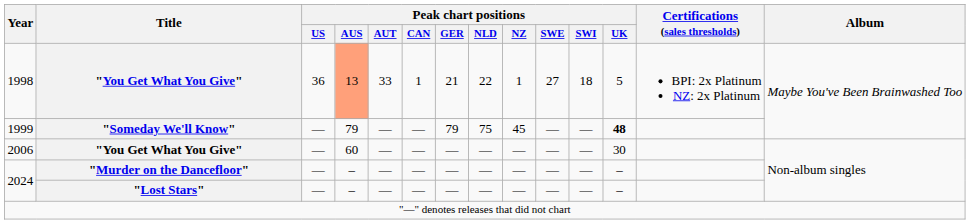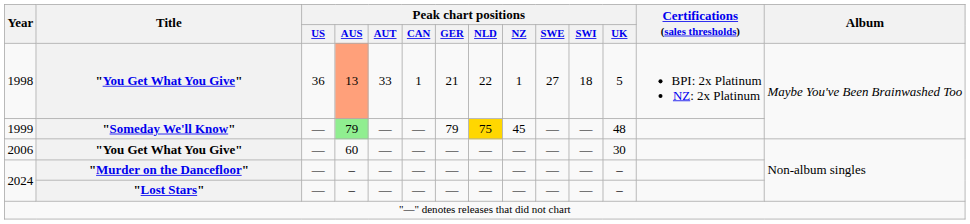 <table class="wikitable plainrowheaders" style="text-align:center;">
 <tr>
 <th rowspan="2">Year</th>
 <th rowspan="2" style="width:20em;">Title</th>
 <th colspan="10">Peak chart positions</th>
 <th rowspan="2"><a href='#'>Certifications</a><br><small>(<a href='#'>sales thresholds</a>)</small></th>
 <th rowspan="2">Album</th>
 </tr>
 <tr style="font-size:smaller;">
 <th style="width:35px;"><a href='#'>US</a><br></th>
 <th style="width:35px;"><a href='#'>AUS</a><br></th>
 <th style="width:35px;"><a href='#'>AUT</a><br></th>
 <th style="width:35px;"><a href='#'>CAN</a><br></th>
 <th style="width:35px;"><a href='#'>GER</a><br></th>
 <th style="width:35px;"><a href='#'>NLD</a><br></th>
 <th style="width:35px;"><a href='#'>NZ</a><br></th>
 <th style="width:35px;"><a href='#'>SWE</a><br></th>
 <th style="width:35px;"><a href='#'>SWI</a><br></th>
 <th style="width:35px;"><a href='#'>UK</a><br></th>
 </tr>
 <tr>
 <td>1998</td>
 <th scope="row">"<a href='#'>You Get What You Give</a>"</th>
 <td>36</td>
 <td style="background: lightsalmon;">13</td>
 <td>33</td>
 <td>1</td>
 <td>21</td>
 <td>22</td>
 <td>1</td>
 <td>27</td>
 <td>18</td>
 <td>5</td>
 <td><br><ul><li>BPI: 2x Platinum</li><li><a href='#'>NZ</a>: 2x Platinum</li></ul></td>
 <td style="text-align:left;" rowspan="2"><em>Maybe You've Been Brainwashed Too</em></td>
 </tr>
 <tr>
 <td>1999</td>
 <th scope="row">"<a href='#'>Someday We'll Know</a>"</th>
 <td>—</td>
-<td>79</td>
+<td style="background: lightgreen;">79</td>
 <td>—</td>
 <td>—</td>
 <td>79</td>
-<td>75</td>
+<td style="background: gold;">75</td>
 <td>45</td>
 <td>—</td>
 <td>—</td>
-<td><strong>48</strong></td>
+<td>48</td>
 <td></td>
 </tr>
 <tr>
 <td>2006</td>
 <th scope="row">"You Get What You Give"<br></th>
 <td>—</td>
 <td>60</td>
 <td>—</td>
 <td>—</td>
 <td>—</td>
 <td>—</td>
 <td>—</td>
 <td>—</td>
 <td>—</td>
 <td>30</td>
 <td></td>
 <td style="text-align:left;" rowspan="3">Non-album singles</td>
 </tr>
 <tr>
 <td rowspan="2">2024</td>
 <th scope="row">"<a href='#'>Murder on the Dancefloor</a>"</th>
 <td>—</td>
 <td>–</td>
 <td>—</td>
 <td>—</td>
 <td>—</td>
 <td>—</td>
 <td>—</td>
 <td>—</td>
 <td>—</td>
 <td>–</td>
 <td></td>
 </tr>
 <tr>
 <th scope="row">"<a href='#'>Lost Stars</a>"</th>
 <td>—</td>
 <td>–</td>
 <td>—</td>
 <td>—</td>
 <td>—</td>
 <td>—</td>
 <td>—</td>
 <td>—</td>
 <td>—</td>
 <td>–</td>
 <td></td>
 </tr>
 <tr>
 <td colspan="14" style="font-size:85%">"—" denotes releases that did not chart</td>
 </tr>
 </table>
